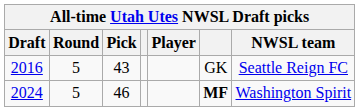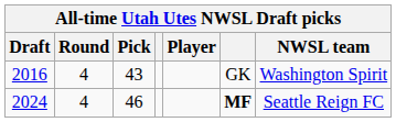 <table class="wikitable sortable" style="text-align: center;">
 <tr>
 <th colspan="7" style="background:#">All-time <a href='#'><span>Utah Utes</span></a> NWSL Draft picks</th>
 </tr>
 <tr>
 <th scope="col">Draft</th>
 <th scope="col">Round</th>
 <th scope="col">Pick</th>
 <th scope="col"></th>
 <th scope="col">Player</th>
 <th scope="col"></th>
 <th scope="col">NWSL team</th>
 </tr>
 <tr>
 <td><a href='#'>2016</a></td>
-<td>5</td>
+<td>4</td>
 <td>43</td>
 <td></td>
 <td></td>
 <td>GK</td>
-<td><a href='#'>Seattle Reign FC</a></td>
+<td><a href='#'>Washington Spirit</a></td>
 </tr>
 <tr>
 <td><a href='#'>2024</a></td>
-<td>5</td>
+<td>4</td>
 <td>46</td>
 <td></td>
 <td></td>
 <td><strong>MF</strong></td>
-<td><a href='#'>Washington Spirit</a></td>
+<td><a href='#'>Seattle Reign FC</a></td>
 </tr>
 </table>
